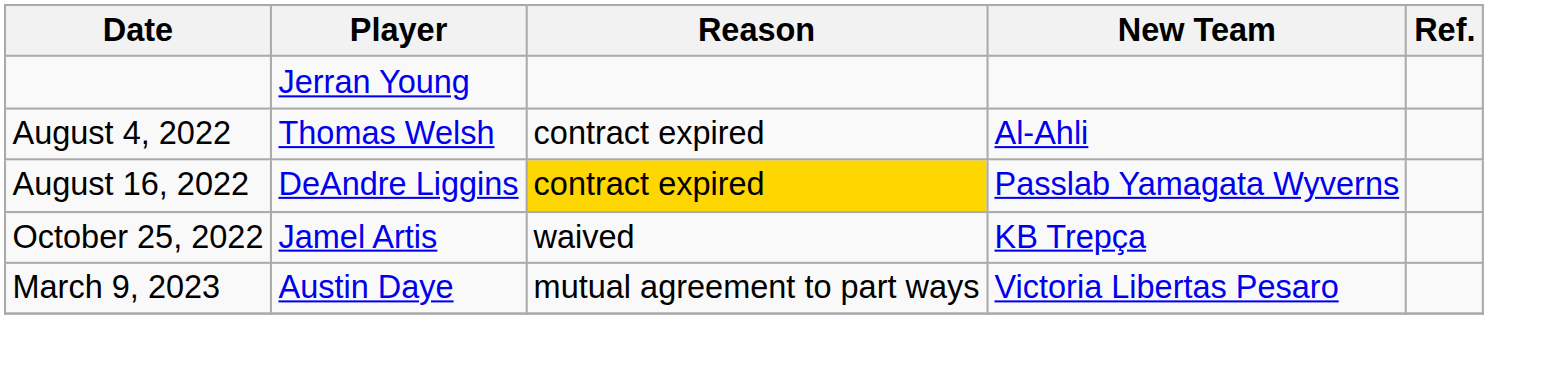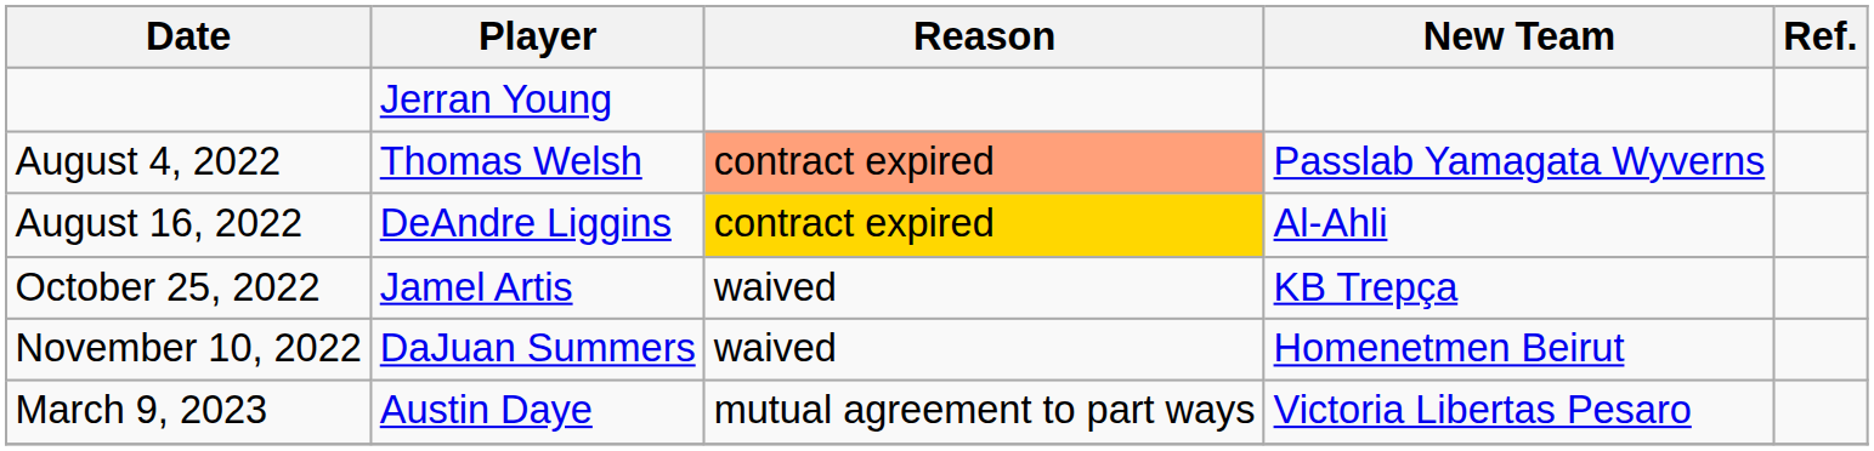 <table class="wikitable">
 <tr>
 <th>Date</th>
 <th>Player</th>
 <th>Reason</th>
 <th>New Team</th>
 <th>Ref.</th>
 </tr>
 <tr>
 <td></td>
 <td><a href='#'>Jerran Young</a></td>
 <td></td>
 <td></td>
 <td></td>
 </tr>
 <tr>
 <td>August 4, 2022</td>
 <td><a href='#'>Thomas Welsh</a></td>
-<td>contract expired</td>
-<td><a href='#'>Al-Ahli</a></td>
+<td style="background: lightsalmon;">contract expired</td>
+<td><a href='#'>Passlab Yamagata Wyverns</a></td>
 <td></td>
 </tr>
 <tr>
 <td>August 16, 2022</td>
 <td><a href='#'>DeAndre Liggins</a></td>
 <td style="background: gold;">contract expired</td>
-<td><a href='#'>Passlab Yamagata Wyverns</a></td>
+<td><a href='#'>Al-Ahli</a></td>
 <td></td>
 </tr>
 <tr>
 <td>October 25, 2022</td>
 <td><a href='#'>Jamel Artis</a></td>
 <td>waived</td>
 <td><a href='#'>KB Trepça</a></td>
+<td></td>
+</tr>
+<tr>
+<td>November 10, 2022</td>
+<td><a href='#'>DaJuan Summers</a></td>
+<td>waived</td>
+<td><a href='#'>Homenetmen Beirut</a></td>
 <td></td>
 </tr>
 <tr>
 <td>March 9, 2023</td>
 <td><a href='#'>Austin Daye</a></td>
 <td>mutual agreement to part ways</td>
 <td><a href='#'>Victoria Libertas Pesaro</a></td>
 <td></td>
 </tr>
 <tr>
 </tr>
 </table>
